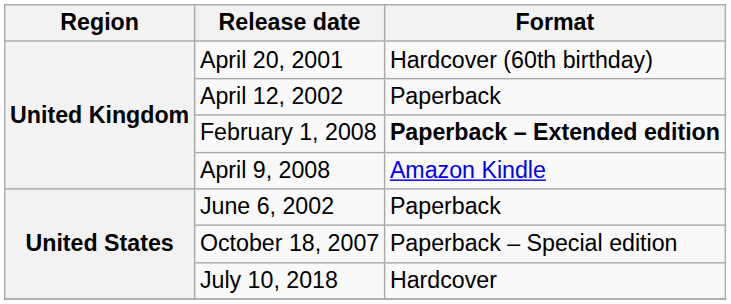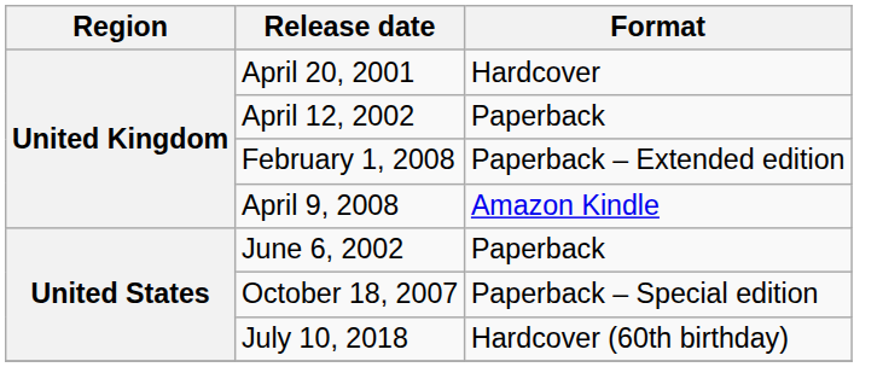 <table class="wikitable sortable plainrowheaders">
 <tr>
 <th scope="col">Region</th>
 <th scope="col">Release date</th>
 <th scope="col">Format</th>
 </tr>
 <tr>
 <th scope="row" rowspan="4">United Kingdom</th>
 <td>April 20, 2001</td>
-<td>Hardcover (60th birthday)</td>
+<td>Hardcover</td>
 </tr>
 <tr>
 <td>April 12, 2002</td>
 <td>Paperback</td>
 </tr>
 <tr>
 <td>February 1, 2008</td>
-<td><strong>Paperback – Extended edition</strong></td>
+<td>Paperback – Extended edition</td>
 </tr>
 <tr>
 <td>April 9, 2008</td>
 <td><a href='#'>Amazon Kindle</a></td>
 </tr>
 <tr>
 <th scope="row" rowspan="3">United States</th>
 <td>June 6, 2002</td>
 <td>Paperback</td>
 </tr>
 <tr>
 <td>October 18, 2007</td>
 <td>Paperback – Special edition</td>
 </tr>
 <tr>
 <td>July 10, 2018</td>
-<td>Hardcover</td>
+<td>Hardcover (60th birthday)</td>
 </tr>
 <tr>
 </tr>
 </table>
